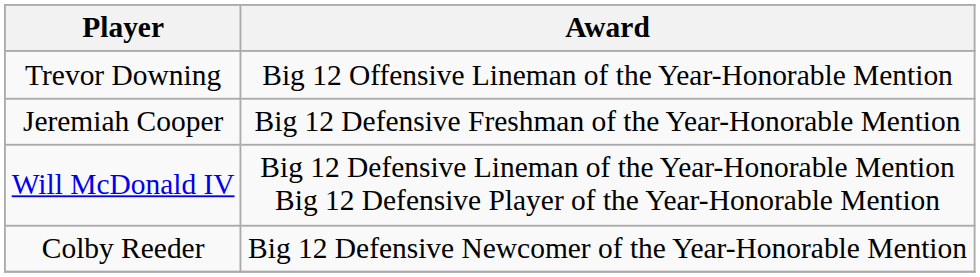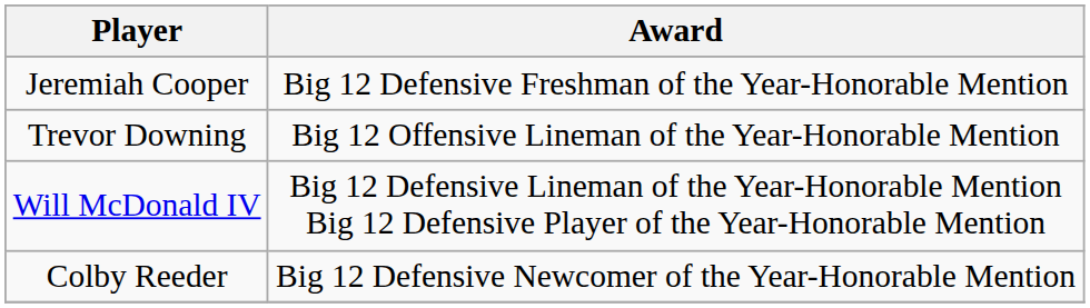 <table class="wikitable" style="text-align: center">
 <tr align="center">
 <th>Player</th>
 <th>Award</th>
 </tr>
 <tr>
+<td>Jeremiah Cooper</td>
+<td>Big 12 Defensive Freshman of the Year-Honorable Mention</td>
+</tr>
+<tr>
 <td>Trevor Downing</td>
 <td>Big 12 Offensive Lineman of the Year-Honorable Mention</td>
-</tr>
-<tr>
-<td>Jeremiah Cooper</td>
-<td>Big 12 Defensive Freshman of the Year-Honorable Mention</td>
 </tr>
 <tr>
 <td><a href='#'>Will McDonald IV</a></td>
 <td>Big 12 Defensive Lineman of the Year-Honorable Mention<br>Big 12 Defensive Player of the Year-Honorable Mention</td>
 </tr>
 <tr>
 <td>Colby Reeder</td>
 <td>Big 12 Defensive Newcomer of the Year-Honorable Mention</td>
 </tr>
 <tr>
 </tr>
 </table>
